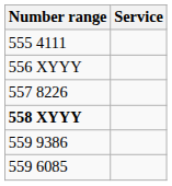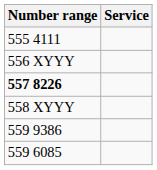 <table class="wikitable">
 <tr>
 <th>Number range</th>
 <th>Service</th>
 </tr>
 <tr>
 <td>555 4111</td>
 <td></td>
 </tr>
 <tr>
 <td>556 XYYY</td>
 <td></td>
 </tr>
 <tr>
-<td>557 8226</td>
+<td><strong>557 8226</strong></td>
 <td></td>
 </tr>
 <tr>
-<td><strong>558 XYYY</strong></td>
+<td>558 XYYY</td>
 <td></td>
 </tr>
 <tr>
 <td>559 9386</td>
 <td></td>
 </tr>
 <tr>
 <td>559 6085</td>
 <td></td>
 </tr>
 </table>
